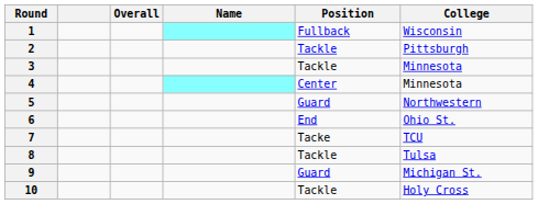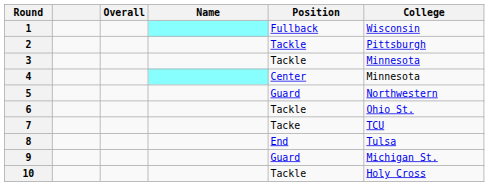 <table class="wikitable sortable" style="width: 50%;">
 <tr>
 <th scope="col" style="width: 10%;">Round</th>
 <th scope="col" style="width: 10%;"></th>
 <th scope="col" style="width: 10%;">Overall</th>
 <th scope="col" style="width: 25%;">Name</th>
 <th scope="col" style="width: 20%;">Position</th>
 <th scope="col" style="width: 25%;">College</th>
 </tr>
 <tr>
 <th scope="row">1</th>
 <td></td>
 <td></td>
 <td style="background:#88FFFF;"> <sup></sup></td>
 <td><a href='#'>Fullback</a></td>
 <td><a href='#'>Wisconsin</a></td>
 </tr>
 <tr>
 <th scope="row">2</th>
 <td></td>
 <td></td>
 <td></td>
 <td><a href='#'>Tackle</a></td>
 <td><a href='#'>Pittsburgh</a></td>
 </tr>
 <tr>
 <th scope="row">3</th>
 <td></td>
 <td></td>
 <td></td>
 <td>Tackle</td>
 <td><a href='#'>Minnesota</a></td>
 </tr>
 <tr>
 <th scope="row">4</th>
 <td></td>
 <td></td>
 <td style="background:#88FFFF;"> <sup></sup></td>
 <td><a href='#'>Center</a></td>
 <td>Minnesota</td>
 </tr>
 <tr>
 <th scope="row">5</th>
 <td></td>
 <td></td>
 <td></td>
 <td><a href='#'>Guard</a></td>
 <td><a href='#'>Northwestern</a></td>
 </tr>
 <tr>
 <th scope="row">6</th>
 <td></td>
 <td></td>
 <td></td>
-<td><a href='#'>End</a></td>
+<td>Tackle</td>
 <td><a href='#'>Ohio St.</a></td>
 </tr>
 <tr>
 <th scope="row">7</th>
 <td></td>
 <td></td>
 <td></td>
 <td>Tacke</td>
 <td><a href='#'>TCU</a></td>
 </tr>
 <tr>
 <th scope="row">8</th>
 <td></td>
 <td></td>
 <td></td>
-<td>Tackle</td>
+<td><a href='#'>End</a></td>
 <td><a href='#'>Tulsa</a></td>
 </tr>
 <tr>
 <th scope="row">9</th>
 <td></td>
 <td></td>
 <td></td>
 <td><a href='#'>Guard</a></td>
 <td><a href='#'>Michigan St.</a></td>
 </tr>
 <tr>
 <th scope="row">10</th>
 <td></td>
 <td></td>
 <td></td>
 <td>Tackle</td>
 <td><a href='#'>Holy Cross</a></td>
 </tr>
 </table>
